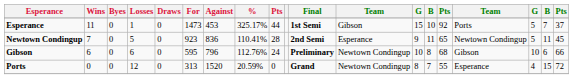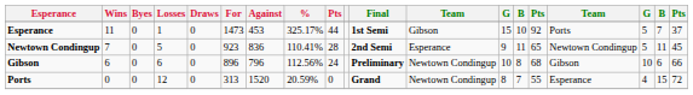 <table style="font-size: 85%; text-align: left;" class="wikitable">
 <tr>
 <th style="color:crimson">Esperance</th>
 <th style="color:crimson">Wins</th>
 <th style="color:crimson">Byes</th>
 <th style="color:crimson">Losses</th>
 <th style="color:crimson">Draws</th>
 <th style="color:crimson">For</th>
 <th style="color:crimson">Against</th>
 <th style="color:crimson">%</th>
 <th style="color:crimson">Pts</th>
 <th></th>
 <th style="color:green">Final</th>
 <th style="color:green">Team</th>
 <th style="color:green">G</th>
 <th style="color:green">B</th>
 <th style="color:green">Pts</th>
 <th style="color:green">Team</th>
 <th style="color:green">G</th>
 <th style="color:green">B</th>
 <th style="color:green">Pts</th>
 </tr>
 <tr>
 </tr>
 <tr>
 </tr>
 <tr>
 <td><strong>	Esperance	</strong></td>
 <td>11</td>
 <td>0</td>
 <td>1</td>
 <td>0</td>
 <td>1473</td>
 <td>453</td>
 <td>325.17%</td>
 <td>44</td>
 <td></td>
 <td><strong>1st Semi</strong></td>
 <td>Gibson</td>
 <td>15</td>
 <td>10</td>
 <td>92</td>
 <td>Ports</td>
 <td>5</td>
 <td>7</td>
 <td>37</td>
 </tr>
 <tr>
 <td><strong>	Newtown Condingup	</strong></td>
 <td>7</td>
 <td>0</td>
 <td>5</td>
 <td>0</td>
 <td>923</td>
 <td>836</td>
 <td>110.41%</td>
 <td>28</td>
 <td></td>
 <td><strong>2nd Semi</strong></td>
 <td>Esperance</td>
 <td>9</td>
 <td>11</td>
 <td>65</td>
 <td>Newtown Condingup</td>
 <td>5</td>
 <td>11</td>
 <td>45</td>
 </tr>
 <tr>
 <td><strong>	Gibson	</strong></td>
 <td>6</td>
 <td>0</td>
 <td>6</td>
 <td>0</td>
-<td>595</td>
+<td>896</td>
 <td>796</td>
-<td>112.76%</td>
+<td>112.56%</td>
 <td>24</td>
 <td></td>
 <td><strong>Preliminary</strong></td>
 <td>Newtown Condingup</td>
 <td>10</td>
 <td>8</td>
 <td>68</td>
 <td>Gibson</td>
 <td>10</td>
 <td>6</td>
 <td>66</td>
 </tr>
 <tr>
 <td><strong>	Ports	</strong></td>
 <td>0</td>
 <td>0</td>
 <td>12</td>
 <td>0</td>
 <td>313</td>
 <td>1520</td>
 <td>20.59%</td>
 <td>0</td>
 <td></td>
 <td><strong>Grand</strong></td>
 <td>Newtown Condingup</td>
 <td>8</td>
 <td>7</td>
 <td>55</td>
 <td>Esperance</td>
 <td>4</td>
 <td>15</td>
 <td>72</td>
 </tr>
 <tr>
 </tr>
 </table>
